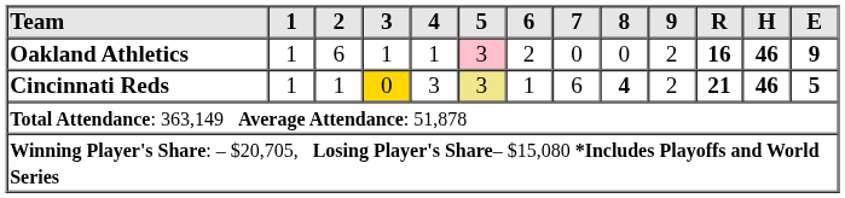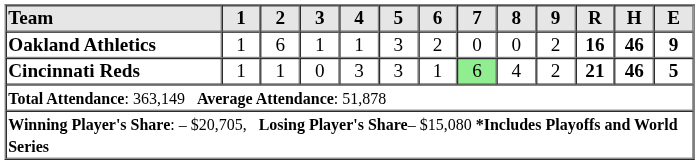 <table border=1 cellspacing=0 width=575 style="margin-left:3em;">
 <tr style="text-align:center; background-color:#e6e6e6;">
 <th align=left width=155>Team</th>
 <th width=25>1</th>
 <th width=25>2</th>
 <th width=25>3</th>
 <th width=25>4</th>
 <th width=25>5</th>
 <th width=25>6</th>
 <th width=25>7</th>
 <th width=25>8</th>
 <th width=25>9</th>
 <th width=25>R</th>
 <th width=25>H</th>
 <th width=25>E</th>
 </tr>
 <tr style="text-align:center;">
 <td align=left><strong>Oakland Athletics</strong></td>
 <td>1</td>
 <td>6</td>
 <td>1</td>
 <td>1</td>
-<td style="background: pink;">3</td>
+<td>3</td>
 <td>2</td>
 <td>0</td>
 <td>0</td>
 <td>2</td>
 <td><strong>16</strong></td>
 <td><strong>46</strong></td>
 <td><strong>9</strong></td>
 </tr>
 <tr style="text-align:center;">
 <td align=left><strong>Cincinnati Reds</strong></td>
 <td>1</td>
 <td>1</td>
-<td style="background: gold;">0</td>
+<td>0</td>
 <td>3</td>
-<td style="background: khaki;">3</td>
+<td>3</td>
 <td>1</td>
-<td>6</td>
-<td><strong>4</strong></td>
+<td style="background: lightgreen;">6</td>
+<td>4</td>
 <td>2</td>
 <td><strong>21</strong></td>
 <td><strong>46</strong></td>
 <td><strong>5</strong></td>
 </tr>
 <tr style="text-align:left;">
 <td colspan=14><small><strong>Total Attendance</strong>: 363,149   <strong>Average Attendance</strong>: 51,878</small></td>
 </tr>
 <tr style="text-align:left;">
 <td colspan=14><small><strong>Winning Player's Share</strong>:  – $20,705,   <strong>Losing Player's Share</strong>– $15,080<strong> *Includes Playoffs and World Series</strong></small></td>
 </tr>
 </table>
